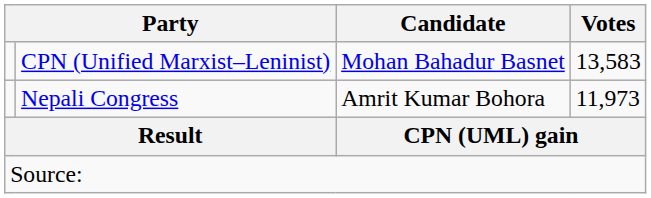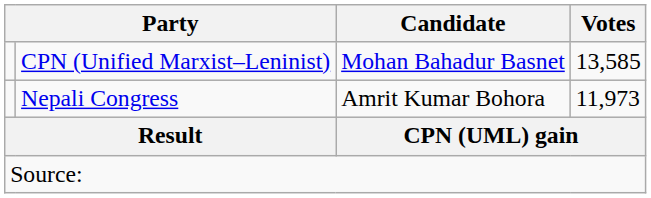 <table class="wikitable">
 <tr>
 <th colspan="2">Party</th>
 <th>Candidate</th>
 <th>Votes</th>
 </tr>
 <tr>
 <td style="background-color:"></td>
 <td><a href='#'>CPN (Unified Marxist–Leninist)</a></td>
 <td><a href='#'>Mohan Bahadur Basnet</a></td>
-<td>13,583</td>
+<td>13,585</td>
 </tr>
 <tr>
 <td style="background-color:"></td>
 <td><a href='#'>Nepali Congress</a></td>
 <td>Amrit Kumar Bohora</td>
 <td>11,973</td>
 </tr>
 <tr>
 <th colspan="2">Result</th>
 <th colspan="2">CPN (UML) gain</th>
 </tr>
 <tr>
 <td colspan="4">Source: </td>
 </tr>
 </table>
